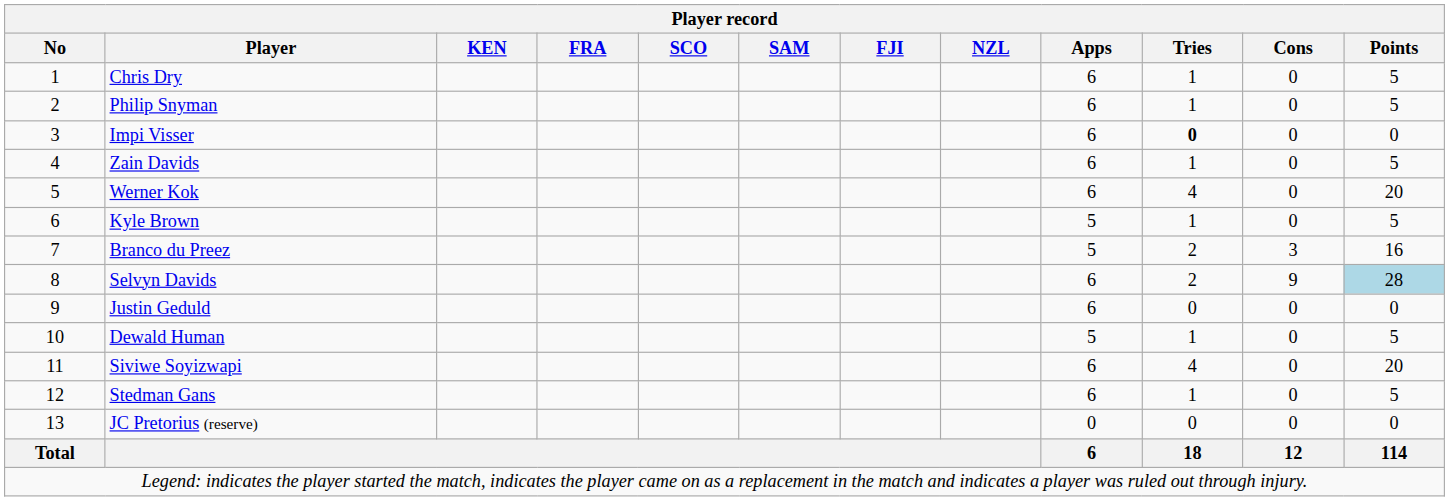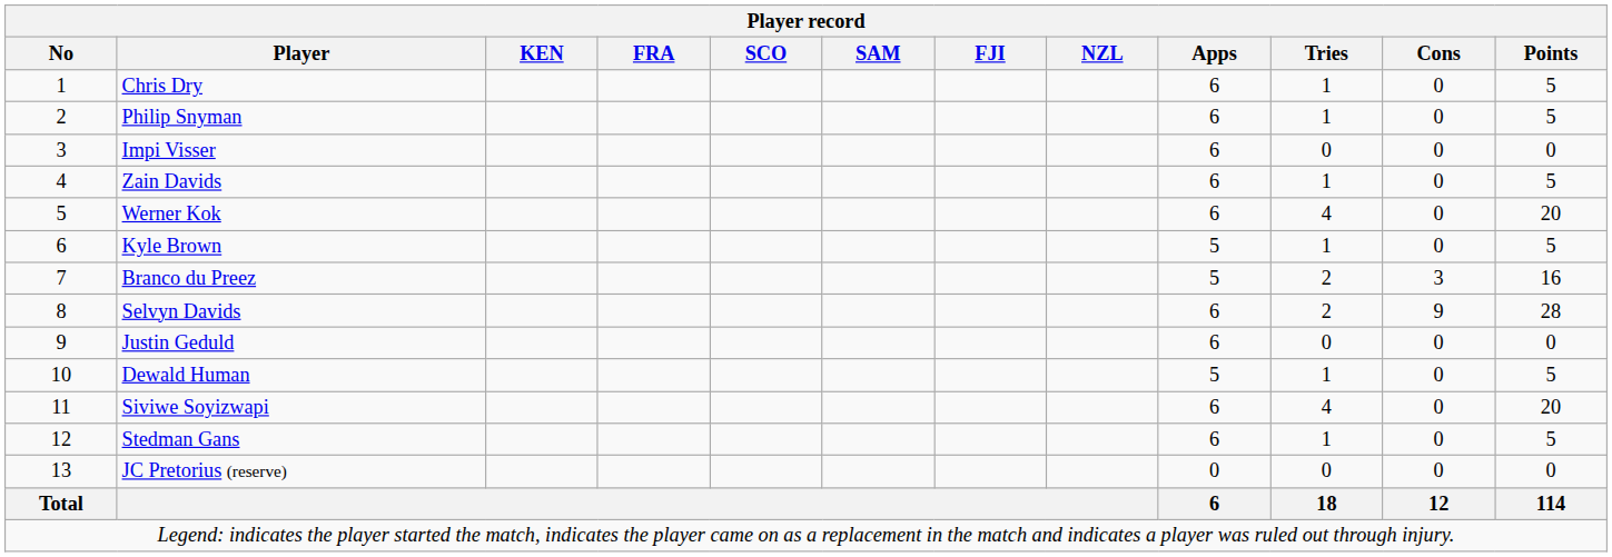 <table class="wikitable" style="text-align:center; width:100%">
 <tr>
 <th colspan="100%">Player record</th>
 </tr>
 <tr>
 <th style="width:7%;">No</th>
 <th style="width:23%;">Player</th>
 <th style="width:7%;"><a href='#'>KEN</a></th>
 <th style="width:7%;"><a href='#'>FRA</a></th>
 <th style="width:7%;"><a href='#'>SCO</a></th>
 <th style="width:7%;"><a href='#'>SAM</a></th>
 <th style="width:7%;"><a href='#'>FJI</a></th>
 <th style="width:7%;"><a href='#'>NZL</a></th>
 <th style="width:7%;">Apps</th>
 <th style="width:7%;">Tries</th>
 <th style="width:7%;">Cons</th>
 <th style="width:7%;">Points</th>
 </tr>
 <tr>
 <td>1</td>
 <td style="text-align:left;"><a href='#'>Chris Dry</a></td>
 <td></td>
 <td></td>
 <td></td>
 <td></td>
 <td></td>
 <td></td>
 <td>6</td>
 <td>1</td>
 <td>0</td>
 <td>5</td>
 </tr>
 <tr>
 <td>2</td>
 <td style="text-align:left;"><a href='#'>Philip Snyman</a></td>
 <td></td>
 <td></td>
 <td></td>
 <td></td>
 <td></td>
 <td></td>
 <td>6</td>
 <td>1</td>
 <td>0</td>
 <td>5</td>
 </tr>
 <tr>
 <td>3</td>
 <td style="text-align:left;"><a href='#'>Impi Visser</a></td>
 <td></td>
 <td></td>
 <td></td>
 <td></td>
 <td></td>
 <td></td>
 <td>6</td>
-<td><strong>0</strong></td>
+<td>0</td>
 <td>0</td>
 <td>0</td>
 </tr>
 <tr>
 <td>4</td>
 <td style="text-align:left;"><a href='#'>Zain Davids</a></td>
 <td></td>
 <td></td>
 <td></td>
 <td></td>
 <td></td>
 <td></td>
 <td>6</td>
 <td>1</td>
 <td>0</td>
 <td>5</td>
 </tr>
 <tr>
 <td>5</td>
 <td style="text-align:left;"><a href='#'>Werner Kok</a></td>
 <td></td>
 <td></td>
 <td></td>
 <td></td>
 <td></td>
 <td></td>
 <td>6</td>
 <td>4</td>
 <td>0</td>
 <td>20</td>
 </tr>
 <tr>
 <td>6</td>
 <td style="text-align:left;"><a href='#'>Kyle Brown</a></td>
 <td></td>
 <td></td>
 <td></td>
 <td></td>
 <td></td>
 <td></td>
 <td>5</td>
 <td>1</td>
 <td>0</td>
 <td>5</td>
 </tr>
 <tr>
 <td>7</td>
 <td style="text-align:left;"><a href='#'>Branco du Preez</a></td>
 <td></td>
 <td></td>
 <td></td>
 <td></td>
 <td></td>
 <td></td>
 <td>5</td>
 <td>2</td>
 <td>3</td>
 <td>16</td>
 </tr>
 <tr>
 <td>8</td>
 <td style="text-align:left;"><a href='#'>Selvyn Davids</a></td>
 <td></td>
 <td></td>
 <td></td>
 <td></td>
 <td></td>
 <td></td>
 <td>6</td>
 <td>2</td>
 <td>9</td>
-<td style="background: lightblue;">28</td>
+<td>28</td>
 </tr>
 <tr>
 <td>9</td>
 <td style="text-align:left;"><a href='#'>Justin Geduld</a></td>
 <td></td>
 <td></td>
 <td></td>
 <td></td>
 <td></td>
 <td></td>
 <td>6</td>
 <td>0</td>
 <td>0</td>
 <td>0</td>
 </tr>
 <tr>
 <td>10</td>
 <td style="text-align:left;"><a href='#'>Dewald Human</a></td>
 <td></td>
 <td></td>
 <td></td>
 <td></td>
 <td></td>
 <td></td>
 <td>5</td>
 <td>1</td>
 <td>0</td>
 <td>5</td>
 </tr>
 <tr>
 <td>11</td>
 <td style="text-align:left;"><a href='#'>Siviwe Soyizwapi</a></td>
 <td></td>
 <td></td>
 <td></td>
 <td></td>
 <td></td>
 <td></td>
 <td>6</td>
 <td>4</td>
 <td>0</td>
 <td>20</td>
 </tr>
 <tr>
 <td>12</td>
 <td style="text-align:left;"><a href='#'>Stedman Gans</a></td>
 <td></td>
 <td></td>
 <td></td>
 <td></td>
 <td></td>
 <td></td>
 <td>6</td>
 <td>1</td>
 <td>0</td>
 <td>5</td>
 </tr>
 <tr>
 <td>13</td>
 <td style="text-align:left;"><a href='#'>JC Pretorius</a> <small>(reserve)</small></td>
 <td></td>
 <td></td>
 <td></td>
 <td></td>
 <td></td>
 <td></td>
 <td>0</td>
 <td>0</td>
 <td>0</td>
 <td>0</td>
 </tr>
 <tr>
 <th>Total</th>
 <th colspan="7"></th>
 <th>6</th>
 <th>18</th>
 <th>12</th>
 <th>114</th>
 </tr>
 <tr>
 <td colspan="100%"><em>Legend: <span></span> indicates the player started the match, <span></span> indicates the player came on as a replacement in the match and  indicates a player was ruled out through injury.</em></td>
 </tr>
 </table>
